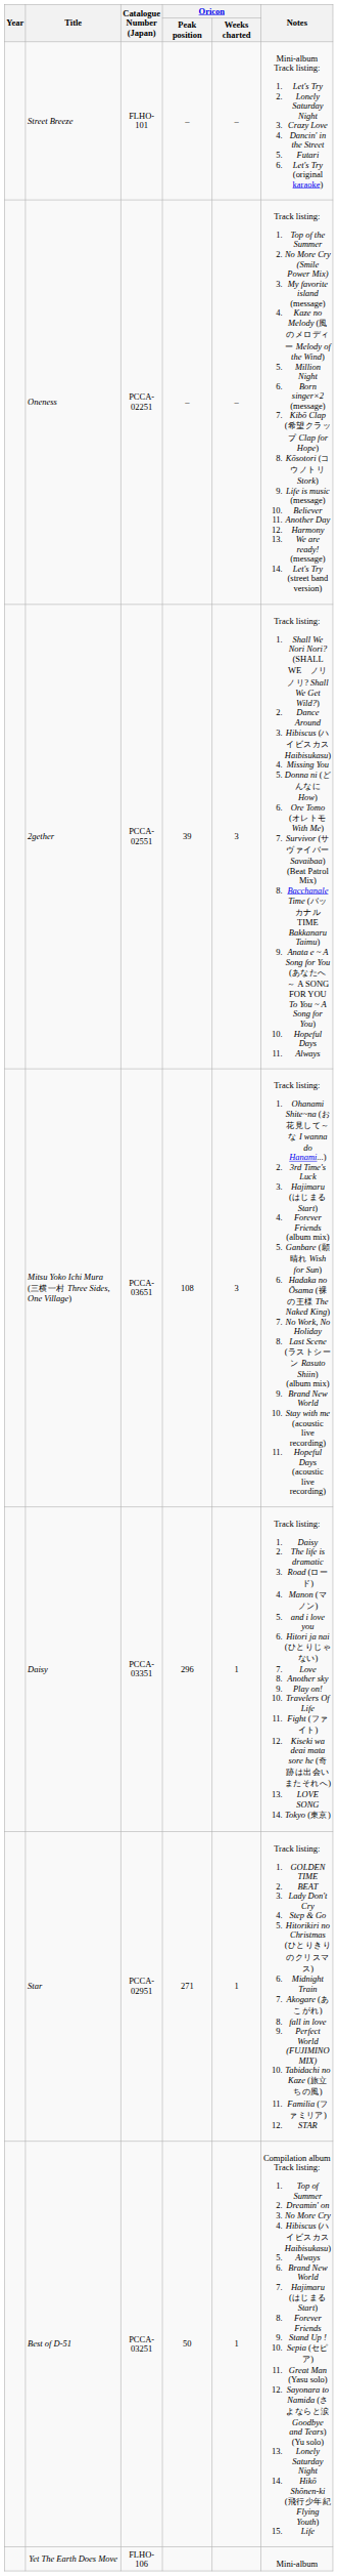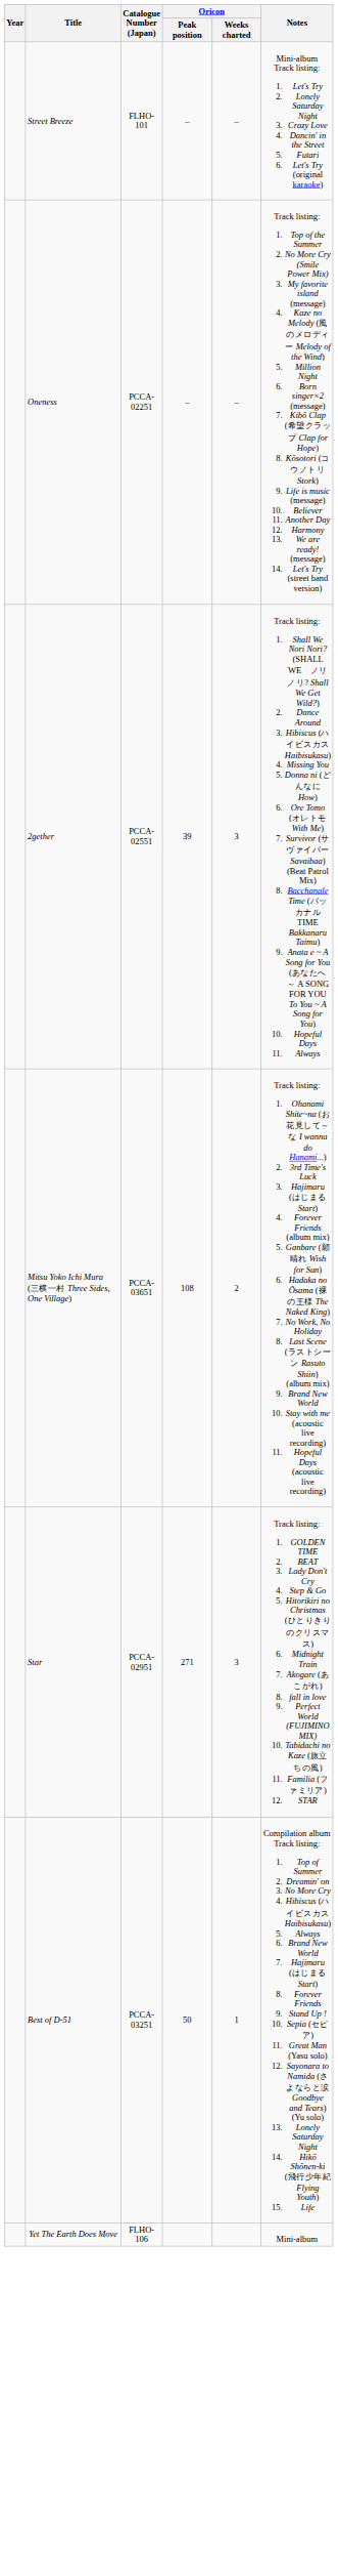 <table class="wikitable plainrowheaders" style="text-align:center">
 <tr>
 <th rowspan=2; style="width:2em;">Year</th>
 <th rowspan=2; style="width:20em;">Title</th>
 <th rowspan=2;>Catalogue <br> Number <br>(Japan)</th>
 <th colspan=2; style="width:16em;"><a href='#'>Oricon</a></th>
 <th rowspan=2>Notes<br></th>
 </tr>
 <tr>
 <th style="width:6em;">Peak<br>position</th>
 <th style="width:6em;">Weeks<br> charted</th>
 </tr>
 <tr>
 <td></td>
 <td align=left><em>Street Breeze</em></td>
 <td>FLHO-101</td>
 <td>–</td>
 <td>–</td>
 <td><br>Mini-album<br> Track listing:<ol><li><em>Let's Try</em></li><li><em>Lonely Saturday Night</em></li><li><em>Crazy Love</em></li><li><em>Dancin' in the Street</em></li><li><em>Futari</em></li><li><em>Let's Try</em> (original <a href='#'>karaoke</a>)</li></ol></td>
 </tr>
 <tr>
 <td></td>
 <td align=left><em>Oneness</em></td>
 <td>PCCA-02251</td>
 <td>–</td>
 <td>–</td>
 <td><br>Track listing:<ol><li><em>Top of the Summer</em></li><li><em>No More Cry (Smile Power Mix)</em></li><li><em>My favorite island</em> (message)</li><li><em>Kaze no Melody</em> (風のメロディー <em>Melody of the Wind</em>)</li><li><em>Million Night</em></li><li><em>Born singer×2</em> (message)</li><li><em>Kibō Clap</em> (希望クラップ <em>Clap for Hope</em>)</li><li><em>Kōsotori</em> (コウノトリ <em>Stork</em>)</li><li><em>Life is music</em> (message)</li><li><em>Believer</em></li><li><em>Another Day</em></li><li><em>Harmony</em></li><li><em>We are ready!</em> (message)</li><li><em>Let's Try</em> (street band version)</li></ol></td>
 </tr>
 <tr>
 <td></td>
 <td align=left><em>2gether</em></td>
 <td>PCCA-02551</td>
 <td>39</td>
 <td>3</td>
 <td><br>Track listing:<ol><li><em>Shall We Nori Nori?</em> (SHALL　WE　ノリノリ? <em>Shall We Get Wild?</em>)</li><li><em>Dance Around</em></li><li><em>Hibiscus</em> (ハイビスカス <em>Haibisukasu</em>)</li><li><em>Missing You</em></li><li><em>Donna ni</em> (どんなに <em>How</em>)</li><li><em>Ore Tomo</em> (オレトモ <em>With Me</em>)</li><li><em>Survivor</em> (サヴァイバー <em>Savaibaa</em>) (Beat Patrol Mix)</li><li><em><a href='#'>Bacchanale</a> Time</em> (バッカナル TIME <em>Bakkanaru Taimu</em>)</li><li><em>Anata e ~ A Song for You</em> (あなたへ ～ A SONG FOR YOU <em>To You ~ A Song for You</em>)</li><li><em>Hopeful Days</em></li><li><em>Always</em></li></ol></td>
 </tr>
 <tr>
 <td></td>
 <td align=left><em>Mitsu Yoko Ichi Mura</em><br>(三横一村 <em>Three Sides, One Village</em>)</td>
 <td>PCCA-03651</td>
 <td>108</td>
-<td>3</td>
+<td>2</td>
 <td><br>Track listing:<ol><li><em>Ohanami Shite~na</em> (お花見して～な <em>I wanna do <a href='#'>Hanami</a>...</em>)</li><li><em>3rd Time's Luck</em></li><li><em>Hajimaru</em> (はじまる <em>Start</em>)</li><li><em>Forever Friends</em> (album mix)</li><li><em>Ganbare</em> (願晴れ <em>Wish for Sun</em>)</li><li><em>Hadaka no Ōsama</em> (裸の王様 <em>The Naked King</em>)</li><li><em>No Work, No Holiday</em></li><li><em>Last Scene</em> (ラストシーン <em>Rasuto Shiin</em>) (album mix)</li><li><em>Brand New World</em></li><li><em>Stay with me</em> (acoustic live recording)</li><li><em>Hopeful Days</em> (acoustic live recording)</li></ol></td>
-</tr>
-<tr>
-<td></td>
-<td align=left><em>Daisy</em></td>
-<td>PCCA-03351</td>
-<td>296</td>
-<td>1</td>
-<td><br>Track listing:<ol><li><em>Daisy</em></li><li><em>The life is dramatic</em></li><li><em>Road</em> (ロード)</li><li><em>Manon</em> (マノン)</li><li><em>and i love you</em></li><li><em>Hitori ja nai</em> (ひとりじゃない)</li><li><em>Love</em></li><li><em>Another sky</em></li><li><em>Play on!</em></li><li><em>Travelers Of Life</em></li><li><em>Fight</em> (ファイト)</li><li><em>Kiseki wa deai mata sore he</em> (奇跡は出会いまたそれへ)</li><li><em>LOVE SONG</em></li><li><em>Tokyo</em> (東京)</li></ol></td>
 </tr>
 <tr>
 <td></td>
 <td align=left><em>Star</em></td>
 <td>PCCA-02951</td>
 <td>271</td>
-<td>1</td>
+<td>3</td>
 <td><br>Track listing:<ol><li><em>GOLDEN TIME</em></li><li><em>BEAT</em></li><li><em>Lady Don't Cry</em></li><li><em>Step & Go</em></li><li><em>Hitorikiri no Christmas</em> (ひとりきりのクリスマス)</li><li><em>Midnight Train</em></li><li><em>Akogare</em> (あこがれ)</li><li><em>fall in love</em></li><li><em>Perfect World (FUJIMINO MIX)</em></li><li><em>Tabidachi no Kaze</em> (旅立ちの風)</li><li><em>Familia</em> (ファミリア)</li><li><em>STAR</em></li></ol></td>
 </tr>
 <tr>
 <td></td>
 <td align=left><em>Best of D-51</em></td>
 <td>PCCA-03251</td>
 <td>50</td>
 <td>1</td>
 <td><br>Compilation album Track listing:<ol><li><em>Top of Summer</em></li><li><em>Dreamin' on</em></li><li><em>No More Cry</em></li><li><em>Hibiscus</em> (ハイビスカス <em>Haibisukasu</em>)</li><li><em>Always</em></li><li><em>Brand New World</em></li><li><em>Hajimaru</em> (はじまる <em>Start</em>)</li><li><em>Forever Friends</em></li><li><em>Stand Up !</em></li><li><em>Sepia</em> (セピア)</li><li><em>Great Man</em> (Yasu solo)</li><li><em>Sayonara to Namida</em> (さよならと涙 <em>Goodbye and Tears</em>) (Yu solo)</li><li><em>Lonely Saturday Night</em></li><li><em>Hikō Shōnen-ki</em> (飛行少年紀 <em>Flying Youth</em>)</li><li><em>Life</em></li></ol></td>
 </tr>
 <tr>
 <td></td>
 <td><em>Yet The Earth Does Move</em></td>
 <td>FLHO-106</td>
 <td> </td>
 <td> </td>
 <td><br>Mini-album</td>
 </tr>
 </table>
